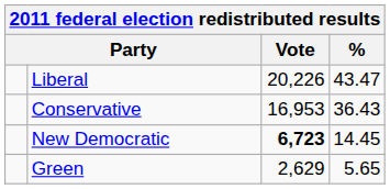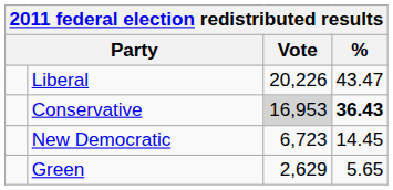 <table class="wikitable">
 <tr>
 <th colspan="4"><a href='#'>2011 federal election</a> redistributed results</th>
 </tr>
 <tr>
 <th bgcolor="#DDDDFF" width="130px" colspan="2">Party</th>
 <th bgcolor="#DDDDFF" width="50px">Vote</th>
 <th bgcolor="#DDDDFF" width="30px">%</th>
 </tr>
 <tr>
 <td> </td>
 <td><a href='#'>Liberal</a></td>
 <td align="right">20,226</td>
 <td align="right">43.47</td>
 </tr>
 <tr>
 <td> </td>
 <td><a href='#'>Conservative</a></td>
-<td align="right">16,953</td>
-<td align="right">36.43</td>
+<td align="right" style="background: lightgrey;">16,953</td>
+<td align="right"><strong>36.43</strong></td>
 </tr>
 <tr>
 <td> </td>
 <td><a href='#'>New Democratic</a></td>
-<td align="right"><strong>6,723</strong></td>
+<td align="right">6,723</td>
 <td align="right">14.45</td>
 </tr>
 <tr>
 <td> </td>
 <td><a href='#'>Green</a></td>
 <td align="right">2,629</td>
 <td align="right">5.65</td>
 </tr>
 </table>
